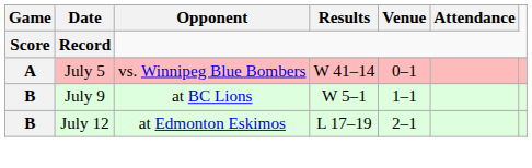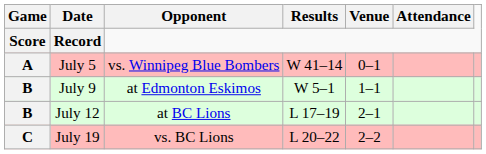 <table class="wikitable" style="text-align:center">
 <tr>
 <th>Game</th>
 <th>Date</th>
 <th>Opponent</th>
 <th>Results</th>
 <th>Venue</th>
 <th>Attendance</th>
 </tr>
 <tr>
 <th>Score</th>
 <th>Record</th>
 </tr>
 <tr style="background:#ffbbbb">
 <th>A</th>
 <td>July 5</td>
 <td>vs. <a href='#'>Winnipeg Blue Bombers</a></td>
 <td>W 41–14</td>
 <td>0–1</td>
 <td></td>
 <td></td>
 </tr>
 <tr style="background:#ddffdd">
 <th>B</th>
 <td>July 9</td>
-<td>at <a href='#'>BC Lions</a></td>
+<td>at <a href='#'>Edmonton Eskimos</a></td>
 <td>W 5–1</td>
 <td>1–1</td>
 <td></td>
 <td></td>
 </tr>
 <tr style="background:#ddffdd">
 <th>B</th>
 <td>July 12</td>
-<td>at <a href='#'>Edmonton Eskimos</a></td>
+<td>at <a href='#'>BC Lions</a></td>
 <td>L 17–19</td>
 <td>2–1</td>
 <td></td>
 <td></td>
 </tr>
+<tr style="background:#ffbbbb">
+<th>C</th>
+<td>July 19</td>
+<td>vs. BC Lions</td>
+<td>L 20–22</td>
+<td>2–2</td>
+<td></td>
+<td></td>
+</tr>
 </table>
